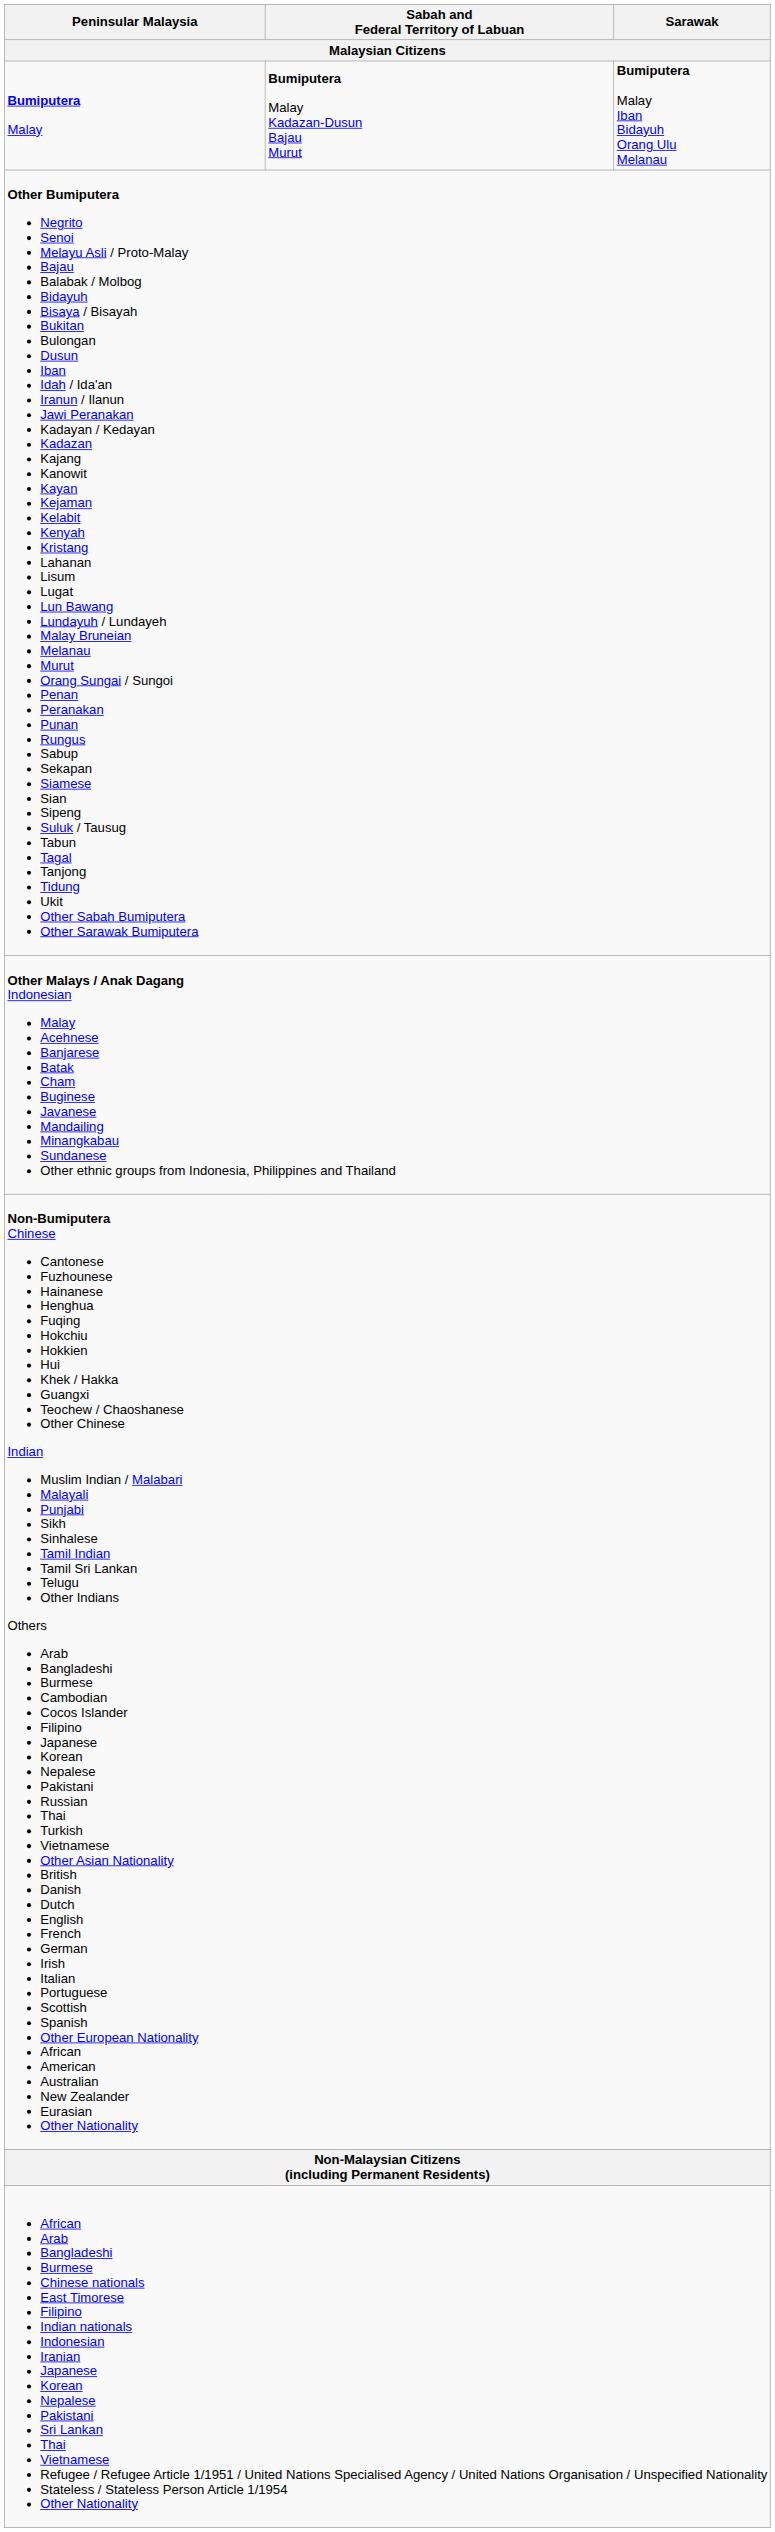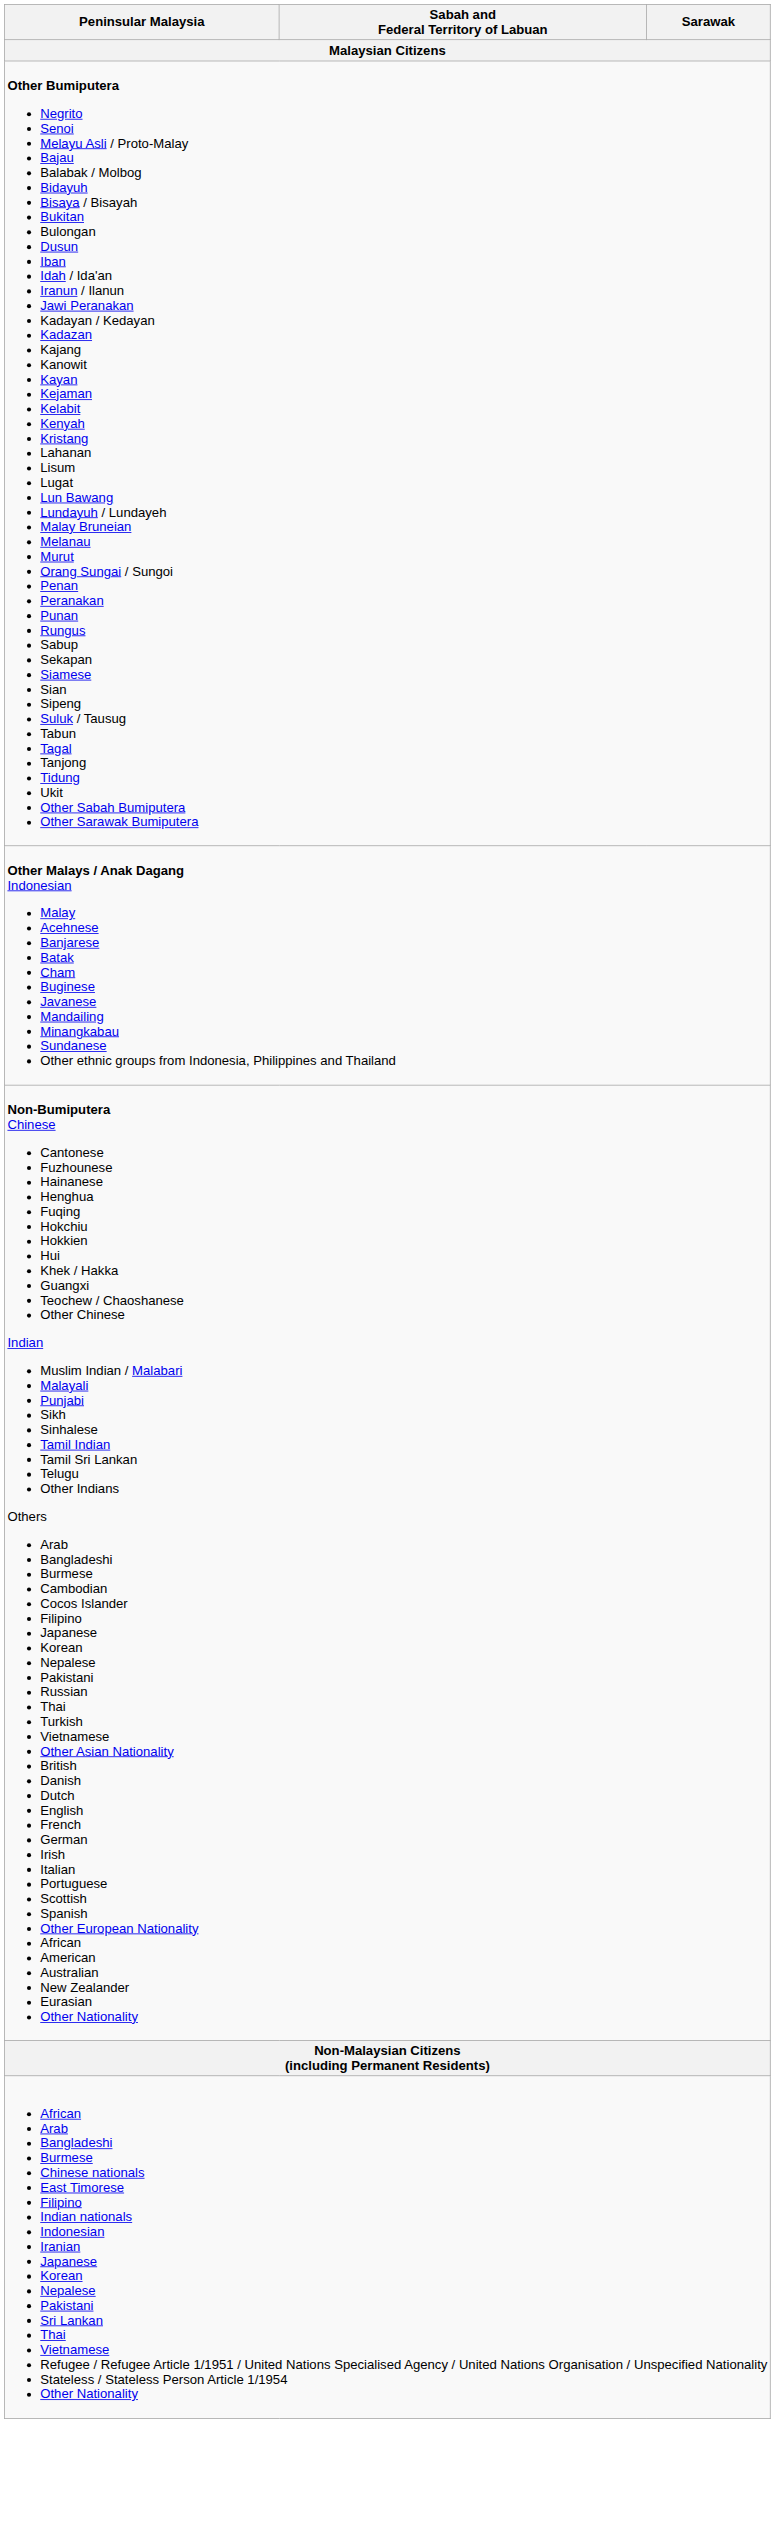 <table class=wikitable>
 <tr>
 <th>Peninsular Malaysia</th>
 <th>Sabah and<br>Federal Territory of Labuan</th>
 <th>Sarawak</th>
 </tr>
 <tr>
 <th colspan=3>Malaysian Citizens</th>
-</tr>
-<tr>
-<td><strong><a href='#'>Bumiputera</a></strong><br><br><a href='#'>Malay</a></td>
-<td><strong>Bumiputera</strong><br><br>Malay<br> <a href='#'>Kadazan-Dusun</a><br> <a href='#'>Bajau</a><br> <a href='#'>Murut</a></td>
-<td><strong>Bumiputera</strong><br><br>Malay<br> <a href='#'>Iban</a><br> <a href='#'>Bidayuh</a><br> <a href='#'>Orang Ulu</a><br> <a href='#'>Melanau</a></td>
 </tr>
 <tr>
 <td colspan=3><br> <strong>Other Bumiputera</strong><ul><li><a href='#'>Negrito</a></li><li><a href='#'>Senoi</a></li><li><a href='#'>Melayu Asli</a> / Proto-Malay</li><li><a href='#'>Bajau</a></li><li>Balabak / Molbog</li><li><a href='#'>Bidayuh</a></li><li><a href='#'>Bisaya</a> / Bisayah</li><li><a href='#'>Bukitan</a></li><li>Bulongan</li><li><a href='#'>Dusun</a></li><li><a href='#'>Iban</a></li><li><a href='#'>Idah</a> / Ida'an</li><li><a href='#'>Iranun</a> / Ilanun</li><li><a href='#'>Jawi Peranakan</a></li><li>Kadayan / Kedayan</li><li><a href='#'>Kadazan</a></li><li>Kajang</li><li>Kanowit</li><li><a href='#'>Kayan</a></li><li><a href='#'>Kejaman</a></li><li><a href='#'>Kelabit</a></li><li><a href='#'>Kenyah</a></li><li><a href='#'>Kristang</a></li><li>Lahanan</li><li>Lisum</li><li>Lugat</li><li><a href='#'>Lun Bawang</a></li><li><a href='#'>Lundayuh</a> / Lundayeh</li><li><a href='#'>Malay Bruneian</a></li><li><a href='#'>Melanau</a></li><li><a href='#'>Murut</a></li><li><a href='#'>Orang Sungai</a> / Sungoi</li><li><a href='#'>Penan</a></li><li><a href='#'>Peranakan</a></li><li><a href='#'>Punan</a></li><li><a href='#'>Rungus</a></li><li>Sabup</li><li>Sekapan</li><li><a href='#'>Siamese</a></li><li>Sian</li><li>Sipeng</li><li><a href='#'>Suluk</a> / Tausug</li><li>Tabun</li><li><a href='#'>Tagal</a></li><li>Tanjong</li><li><a href='#'>Tidung</a></li><li>Ukit</li><li><a href='#'>Other Sabah Bumiputera</a></li><li><a href='#'>Other Sarawak Bumiputera</a></li></ul></td>
 </tr>
 <tr>
 <td colspan=3><br> <strong>Other Malays / Anak Dagang</strong><br> <a href='#'>Indonesian</a><ul><li><a href='#'>Malay</a></li><li><a href='#'>Acehnese</a></li><li><a href='#'>Banjarese</a></li><li><a href='#'>Batak</a></li><li><a href='#'>Cham</a></li><li><a href='#'>Buginese</a></li><li><a href='#'>Javanese</a></li><li><a href='#'>Mandailing</a></li><li><a href='#'>Minangkabau</a></li><li><a href='#'>Sundanese</a></li><li>Other ethnic groups from Indonesia, Philippines and Thailand</li></ul></td>
 </tr>
 <tr>
 <td colspan=3><br> <strong>Non-Bumiputera</strong><br> <a href='#'>Chinese</a><ul><li>Cantonese</li><li>Fuzhounese</li><li>Hainanese</li><li>Henghua</li><li>Fuqing</li><li>Hokchiu</li><li>Hokkien</li><li>Hui</li><li>Khek / Hakka</li><li>Guangxi</li><li>Teochew / Chaoshanese</li><li>Other Chinese</li></ul><a href='#'>Indian</a><ul><li>Muslim Indian / <a href='#'>Malabari</a></li><li><a href='#'>Malayali</a></li><li><a href='#'>Punjabi</a></li><li>Sikh</li><li>Sinhalese</li><li><a href='#'>Tamil Indian</a></li><li>Tamil Sri Lankan</li><li>Telugu</li><li>Other Indians</li></ul>Others<ul><li>Arab</li><li>Bangladeshi</li><li>Burmese</li><li>Cambodian</li><li>Cocos Islander</li><li>Filipino</li><li>Japanese</li><li>Korean</li><li>Nepalese</li><li>Pakistani</li><li>Russian</li><li>Thai</li><li>Turkish</li><li>Vietnamese</li><li><a href='#'>Other Asian Nationality</a></li><li>British</li><li>Danish</li><li>Dutch</li><li>English</li><li>French</li><li>German</li><li>Irish</li><li>Italian</li><li>Portuguese</li><li>Scottish</li><li>Spanish</li><li><a href='#'>Other European Nationality</a></li><li>African</li><li>American</li><li>Australian</li><li>New Zealander</li><li>Eurasian</li><li><a href='#'>Other Nationality</a></li></ul></td>
 </tr>
 <tr>
 <th colspan=3>Non-Malaysian Citizens<br>(including Permanent Residents)</th>
 </tr>
 <tr>
 <td colspan=3><br><ul><li><a href='#'>African</a></li><li><a href='#'>Arab</a></li><li><a href='#'>Bangladeshi</a></li><li><a href='#'>Burmese</a></li><li><a href='#'>Chinese nationals</a></li><li><a href='#'>East Timorese</a></li><li><a href='#'>Filipino</a></li><li><a href='#'>Indian nationals</a></li><li><a href='#'>Indonesian</a></li><li><a href='#'>Iranian</a></li><li><a href='#'>Japanese</a></li><li><a href='#'>Korean</a></li><li><a href='#'>Nepalese</a></li><li><a href='#'>Pakistani</a></li><li><a href='#'>Sri Lankan</a></li><li><a href='#'>Thai</a></li><li><a href='#'>Vietnamese</a></li><li>Refugee / Refugee Article 1/1951 / United Nations Specialised Agency / United Nations Organisation / Unspecified Nationality</li><li>Stateless / Stateless Person Article 1/1954</li><li><a href='#'>Other Nationality</a></li></ul></td>
 </tr>
 </table>
